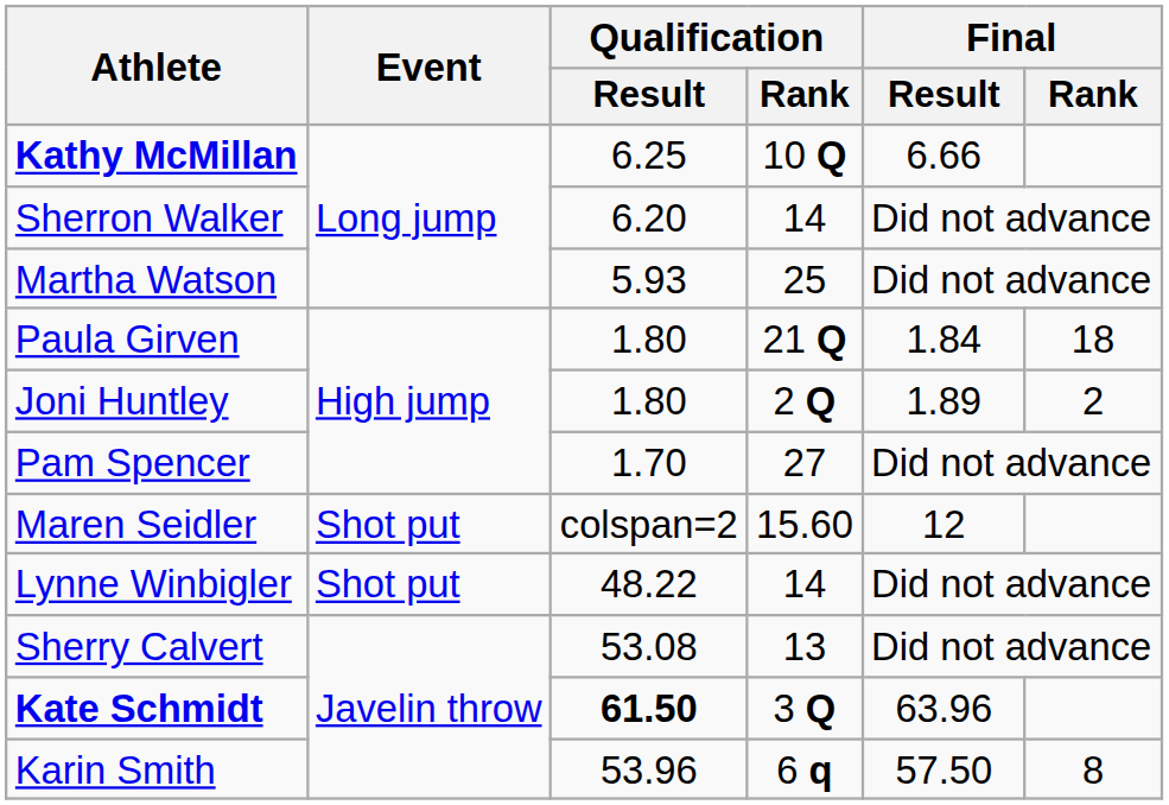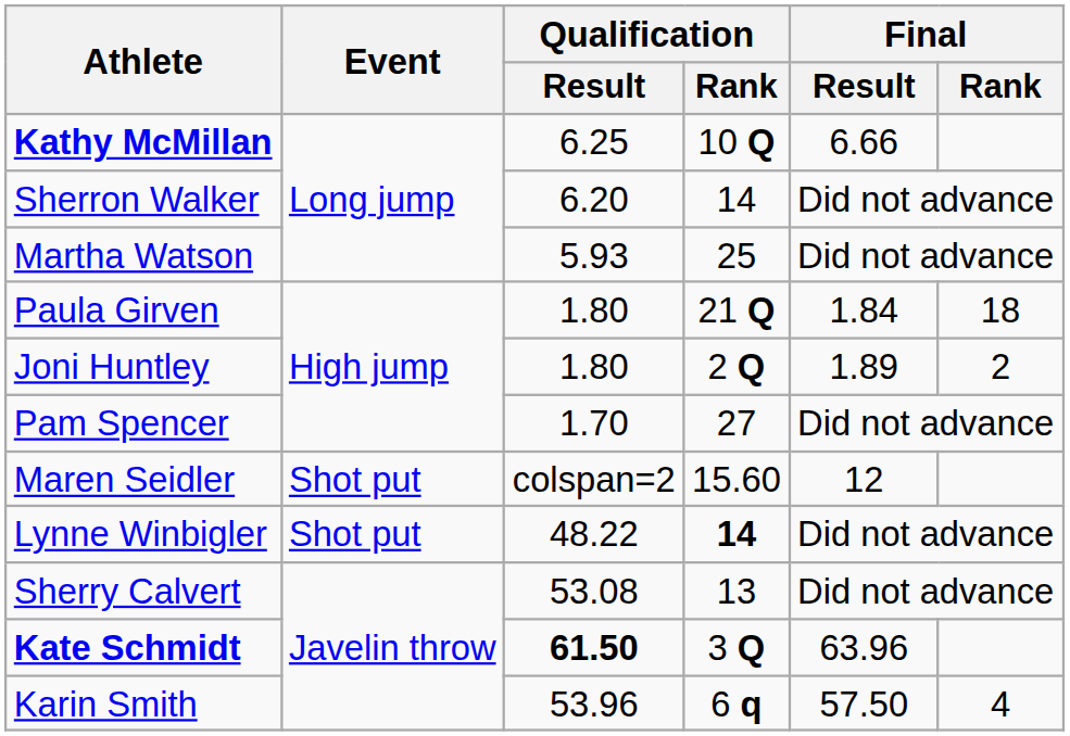 <table class=wikitable style=font-size:90%;text-align:center>
 <tr>
 <th rowspan=2>Athlete</th>
 <th rowspan=2>Event</th>
 <th colspan=2>Qualification</th>
 <th colspan=2>Final</th>
 </tr>
 <tr style=font-size:95%>
 <th>Result</th>
 <th>Rank</th>
 <th>Result</th>
 <th>Rank</th>
 </tr>
 <tr>
 <td align=left><strong><a href='#'>Kathy McMillan</a></strong></td>
 <td align=left rowspan=3><a href='#'>Long jump</a></td>
 <td>6.25</td>
 <td>10 <strong>Q</strong></td>
 <td>6.66</td>
 <td></td>
 </tr>
 <tr>
 <td align=left><a href='#'>Sherron Walker</a></td>
 <td>6.20</td>
 <td>14</td>
 <td colspan=2>Did not advance</td>
 </tr>
 <tr>
 <td align=left><a href='#'>Martha Watson</a></td>
 <td>5.93</td>
 <td>25</td>
 <td colspan=2>Did not advance</td>
 </tr>
 <tr>
 <td align=left><a href='#'>Paula Girven</a></td>
 <td align=left rowspan=3><a href='#'>High jump</a></td>
 <td>1.80</td>
 <td>21 <strong>Q</strong></td>
 <td>1.84</td>
 <td>18</td>
 </tr>
 <tr>
 <td align=left><a href='#'>Joni Huntley</a></td>
 <td>1.80</td>
 <td>2 <strong>Q</strong></td>
 <td>1.89</td>
 <td>2</td>
 </tr>
 <tr>
 <td align=left><a href='#'>Pam Spencer</a></td>
 <td>1.70</td>
 <td>27</td>
 <td colspan=2>Did not advance</td>
 </tr>
 <tr>
 <td align=left><a href='#'>Maren Seidler</a></td>
 <td align=left><a href='#'>Shot put</a></td>
 <td>colspan=2 </td>
 <td>15.60</td>
 <td>12</td>
 </tr>
 <tr>
 <td align=left><a href='#'>Lynne Winbigler</a></td>
 <td align=left><a href='#'>Shot put</a></td>
 <td>48.22</td>
-<td>14</td>
+<td><strong>14</strong></td>
 <td colspan=2>Did not advance</td>
 </tr>
 <tr>
 <td align=left><a href='#'>Sherry Calvert</a></td>
 <td align=left rowspan=3><a href='#'>Javelin throw</a></td>
 <td>53.08</td>
 <td>13</td>
 <td colspan=2>Did not advance</td>
 </tr>
 <tr>
 <td align=left><strong><a href='#'>Kate Schmidt</a></strong></td>
 <td><strong>61.50</strong></td>
 <td>3 <strong>Q</strong></td>
 <td>63.96</td>
 <td></td>
 </tr>
 <tr>
 <td align=left><a href='#'>Karin Smith</a></td>
 <td>53.96</td>
 <td>6 <strong>q</strong></td>
 <td>57.50</td>
-<td>8</td>
+<td>4</td>
 </tr>
 </table>
